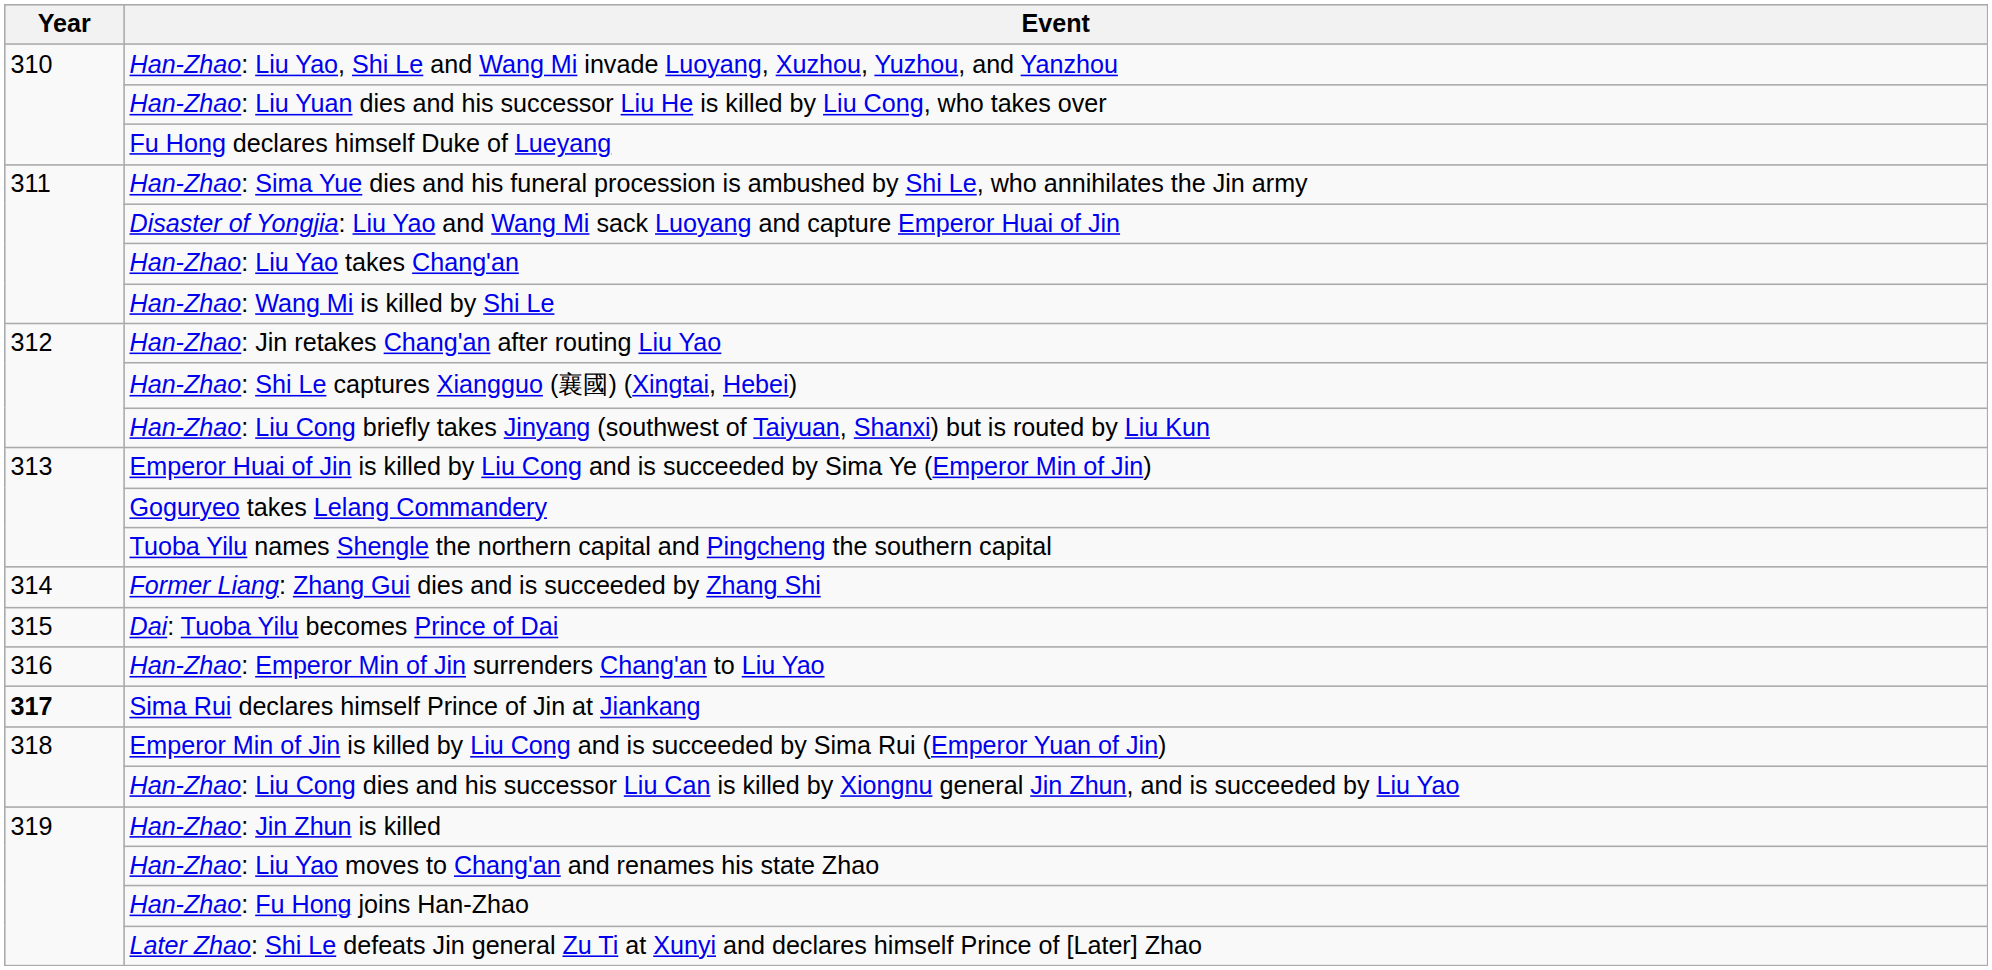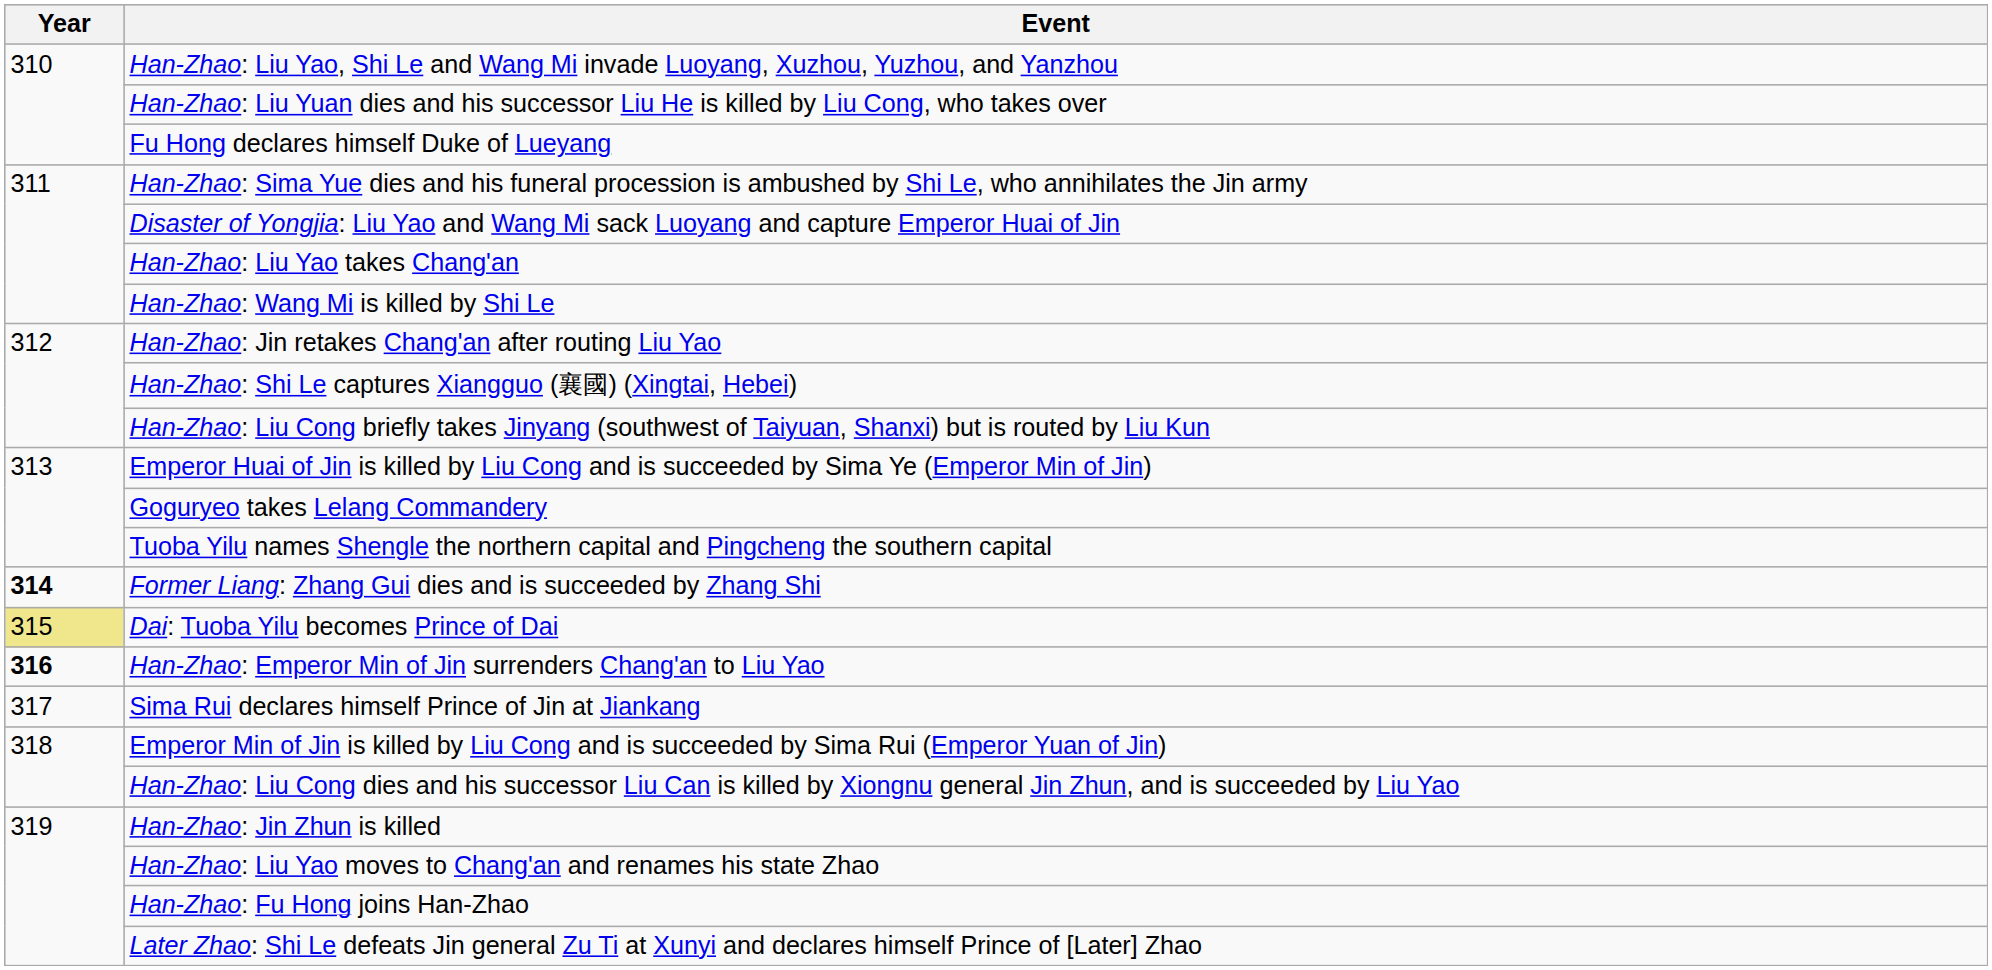 <table class="wikitable" style="width:100%;">
 <tr>
 <th style="width:6%">Year</th>
 <th>Event</th>
 </tr>
 <tr>
 <td rowspan="3" style="vertical-align:top;">310</td>
 <td><em><a href='#'>Han-Zhao</a></em>: <a href='#'>Liu Yao</a>, <a href='#'>Shi Le</a> and <a href='#'>Wang Mi</a> invade <a href='#'>Luoyang</a>, <a href='#'>Xuzhou</a>, <a href='#'>Yuzhou</a>, and <a href='#'>Yanzhou</a></td>
 </tr>
 <tr>
 <td><em><a href='#'>Han-Zhao</a></em>: <a href='#'>Liu Yuan</a> dies and his successor <a href='#'>Liu He</a> is killed by <a href='#'>Liu Cong</a>, who takes over</td>
 </tr>
 <tr>
 <td><a href='#'>Fu Hong</a> declares himself Duke of <a href='#'>Lueyang</a></td>
 </tr>
 <tr>
 <td rowspan="4" style="vertical-align:top;">311</td>
 <td><em><a href='#'>Han-Zhao</a></em>: <a href='#'>Sima Yue</a> dies and his funeral procession is ambushed by <a href='#'>Shi Le</a>, who annihilates the Jin army</td>
 </tr>
 <tr>
 <td><em><a href='#'>Disaster of Yongjia</a></em>: <a href='#'>Liu Yao</a> and <a href='#'>Wang Mi</a> sack <a href='#'>Luoyang</a> and capture <a href='#'>Emperor Huai of Jin</a></td>
 </tr>
 <tr>
 <td><em><a href='#'>Han-Zhao</a></em>: <a href='#'>Liu Yao</a> takes <a href='#'>Chang'an</a></td>
 </tr>
 <tr>
 <td><em><a href='#'>Han-Zhao</a></em>: <a href='#'>Wang Mi</a> is killed by <a href='#'>Shi Le</a></td>
 </tr>
 <tr>
 <td rowspan="3" style="vertical-align:top;">312</td>
 <td><em><a href='#'>Han-Zhao</a></em>: Jin retakes <a href='#'>Chang'an</a> after routing <a href='#'>Liu Yao</a></td>
 </tr>
 <tr>
 <td><em><a href='#'>Han-Zhao</a></em>: <a href='#'>Shi Le</a> captures <a href='#'>Xiangguo</a> (襄國) (<a href='#'>Xingtai</a>, <a href='#'>Hebei</a>)</td>
 </tr>
 <tr>
 <td><em><a href='#'>Han-Zhao</a></em>: <a href='#'>Liu Cong</a> briefly takes <a href='#'>Jinyang</a> (southwest of <a href='#'>Taiyuan</a>, <a href='#'>Shanxi</a>) but is routed by <a href='#'>Liu Kun</a></td>
 </tr>
 <tr>
 <td rowspan="3" style="vertical-align:top;">313</td>
 <td><a href='#'>Emperor Huai of Jin</a> is killed by <a href='#'>Liu Cong</a> and is succeeded by Sima Ye (<a href='#'>Emperor Min of Jin</a>)</td>
 </tr>
 <tr>
 <td><a href='#'>Goguryeo</a> takes <a href='#'>Lelang Commandery</a></td>
 </tr>
 <tr>
 <td><a href='#'>Tuoba Yilu</a> names <a href='#'>Shengle</a> the northern capital and <a href='#'>Pingcheng</a> the southern capital</td>
 </tr>
 <tr>
-<td>314</td>
+<td><strong>314</strong></td>
 <td><em><a href='#'>Former Liang</a></em>: <a href='#'>Zhang Gui</a> dies and is succeeded by <a href='#'>Zhang Shi</a></td>
 </tr>
 <tr>
-<td>315</td>
+<td style="background: khaki;">315</td>
 <td><em><a href='#'>Dai</a></em>: <a href='#'>Tuoba Yilu</a> becomes <a href='#'>Prince of Dai</a></td>
 </tr>
 <tr>
-<td>316</td>
+<td><strong>316</strong></td>
 <td><em><a href='#'>Han-Zhao</a></em>: <a href='#'>Emperor Min of Jin</a> surrenders <a href='#'>Chang'an</a> to <a href='#'>Liu Yao</a></td>
 </tr>
 <tr>
-<td><strong>317</strong></td>
+<td>317</td>
 <td><a href='#'>Sima Rui</a> declares himself Prince of Jin at <a href='#'>Jiankang</a></td>
 </tr>
 <tr>
 <td rowspan="2" style="vertical-align:top;">318</td>
 <td><a href='#'>Emperor Min of Jin</a> is killed by <a href='#'>Liu Cong</a> and is succeeded by Sima Rui (<a href='#'>Emperor Yuan of Jin</a>)</td>
 </tr>
 <tr>
 <td><em><a href='#'>Han-Zhao</a></em>: <a href='#'>Liu Cong</a> dies and his successor <a href='#'>Liu Can</a> is killed by <a href='#'>Xiongnu</a> general <a href='#'>Jin Zhun</a>, and is succeeded by <a href='#'>Liu Yao</a></td>
 </tr>
 <tr>
 <td rowspan="4" style="vertical-align:top;">319</td>
 <td><em><a href='#'>Han-Zhao</a></em>: <a href='#'>Jin Zhun</a> is killed</td>
 </tr>
 <tr>
 <td><em><a href='#'>Han-Zhao</a></em>: <a href='#'>Liu Yao</a> moves to <a href='#'>Chang'an</a> and renames his state Zhao</td>
 </tr>
 <tr>
 <td><em><a href='#'>Han-Zhao</a></em>: <a href='#'>Fu Hong</a> joins Han-Zhao</td>
 </tr>
 <tr>
 <td><em><a href='#'>Later Zhao</a></em>: <a href='#'>Shi Le</a> defeats Jin general <a href='#'>Zu Ti</a> at <a href='#'>Xunyi</a> and declares himself Prince of [Later] Zhao</td>
 </tr>
 </table>
